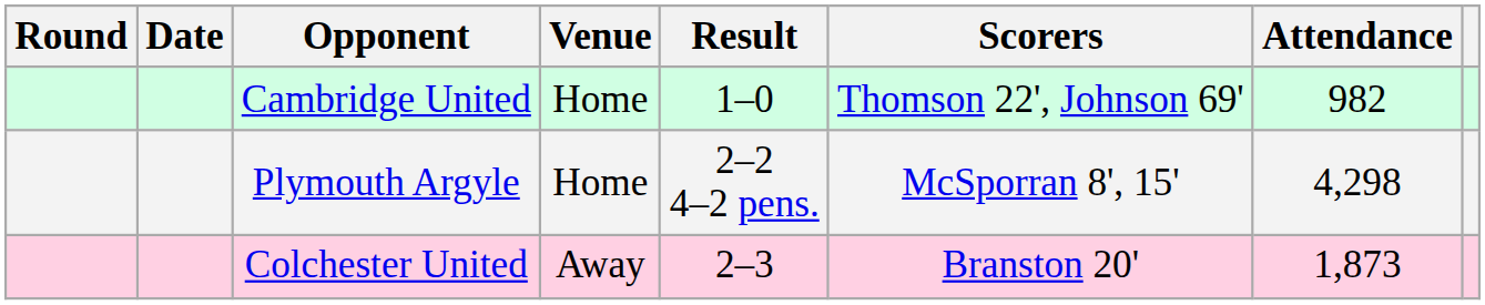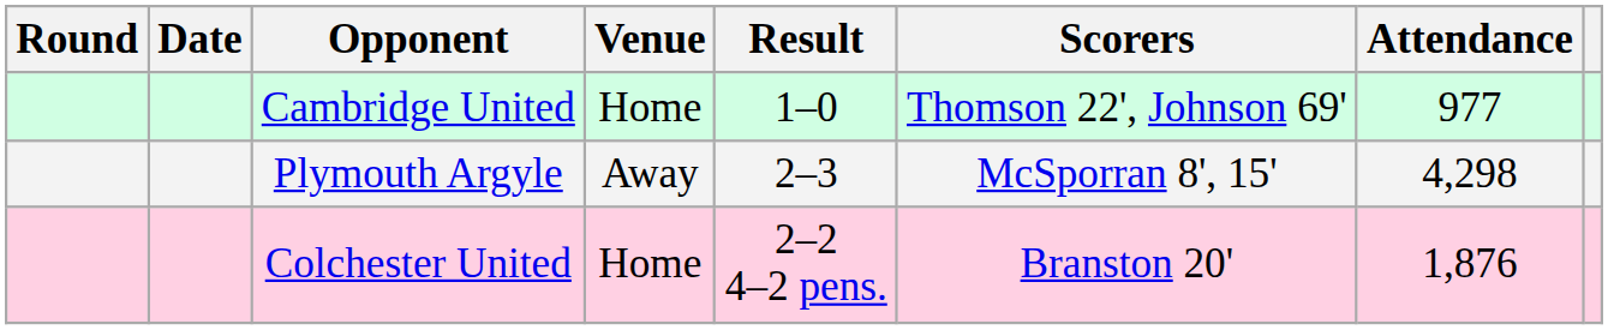 <table class="wikitable sortable" style="text-align:center;">
 <tr>
 <th>Round</th>
 <th>Date</th>
 <th>Opponent</th>
 <th>Venue</th>
 <th>Result</th>
 <th class="unsortable">Scorers</th>
 <th>Attendance</th>
 <th class="unsortable"></th>
 </tr>
 <tr style="background-color: #d0ffe3;">
 <td></td>
 <td></td>
 <td><a href='#'>Cambridge United</a></td>
 <td>Home</td>
 <td>1–0</td>
 <td><a href='#'>Thomson</a> 22', <a href='#'>Johnson</a> 69'</td>
-<td>982</td>
+<td>977</td>
 <td></td>
 </tr>
 <tr style="background-color: #f3f3f3;">
 <td></td>
 <td></td>
 <td><a href='#'>Plymouth Argyle</a></td>
-<td>Home</td>
-<td>2–2 <br>4–2 <a href='#'>pens.</a></td>
+<td>Away</td>
+<td>2–3 </td>
 <td><a href='#'>McSporran</a> 8', 15'</td>
 <td>4,298</td>
 <td></td>
 </tr>
 <tr style="background-color: #ffd0e3;">
 <td></td>
 <td></td>
 <td><a href='#'>Colchester United</a></td>
-<td>Away</td>
-<td>2–3 </td>
+<td>Home</td>
+<td>2–2 <br>4–2 <a href='#'>pens.</a></td>
 <td><a href='#'>Branston</a> 20'</td>
-<td>1,873</td>
+<td>1,876</td>
 <td></td>
 </tr>
 </table>
